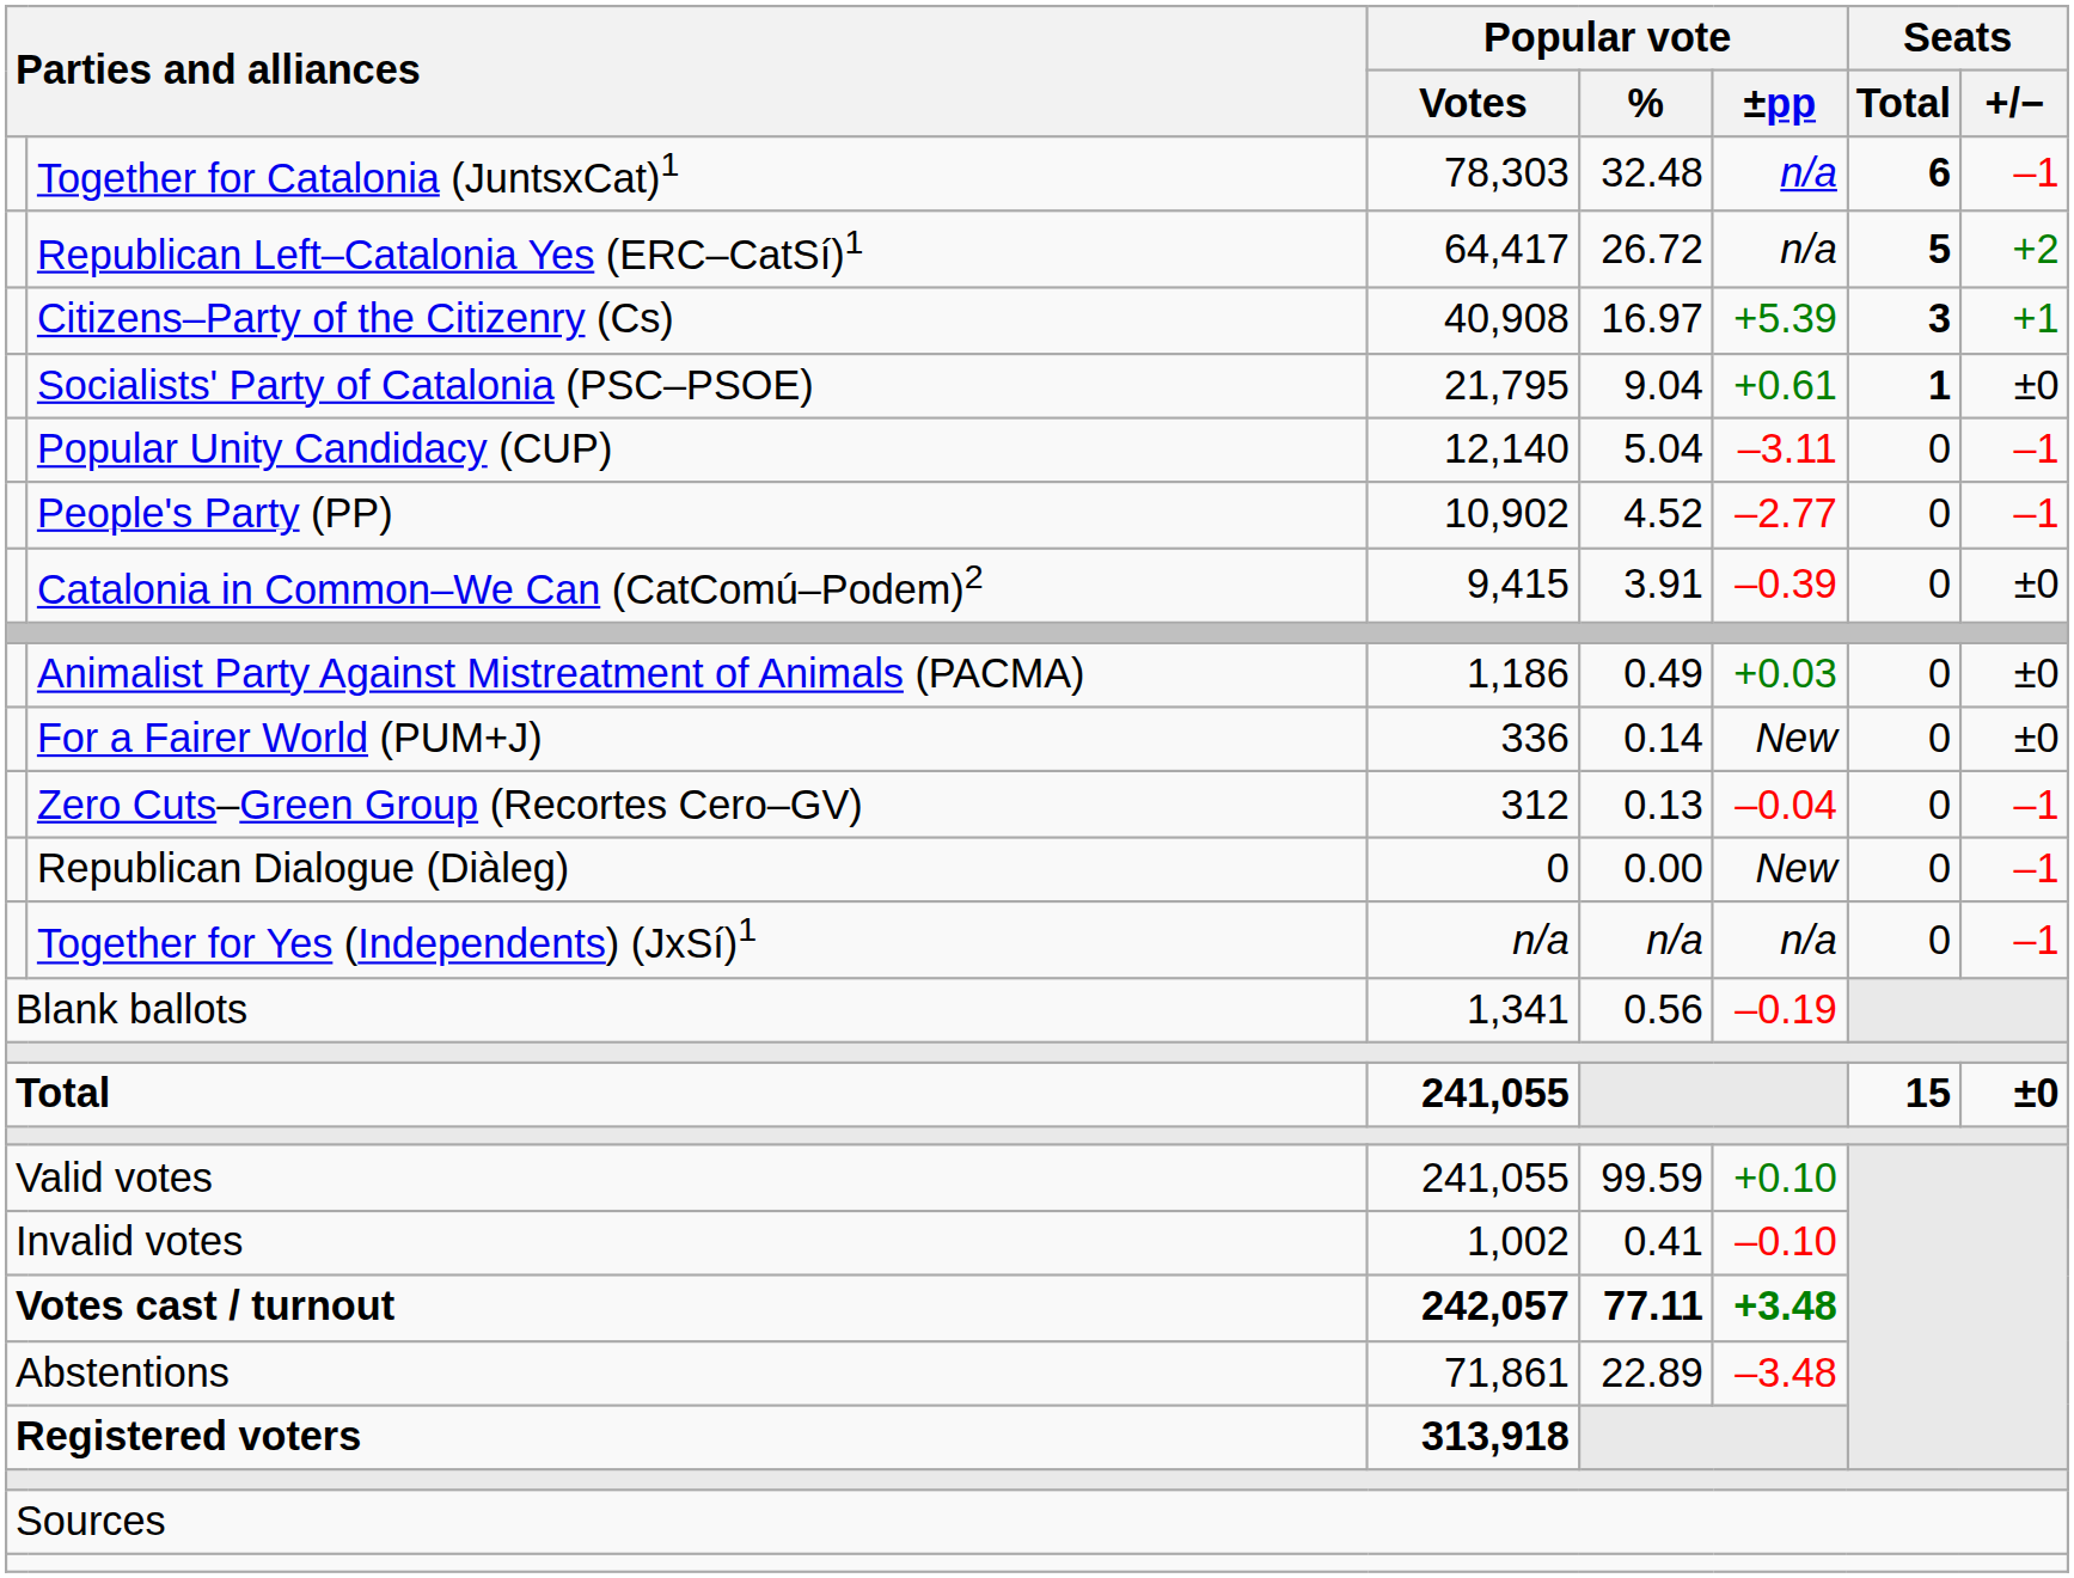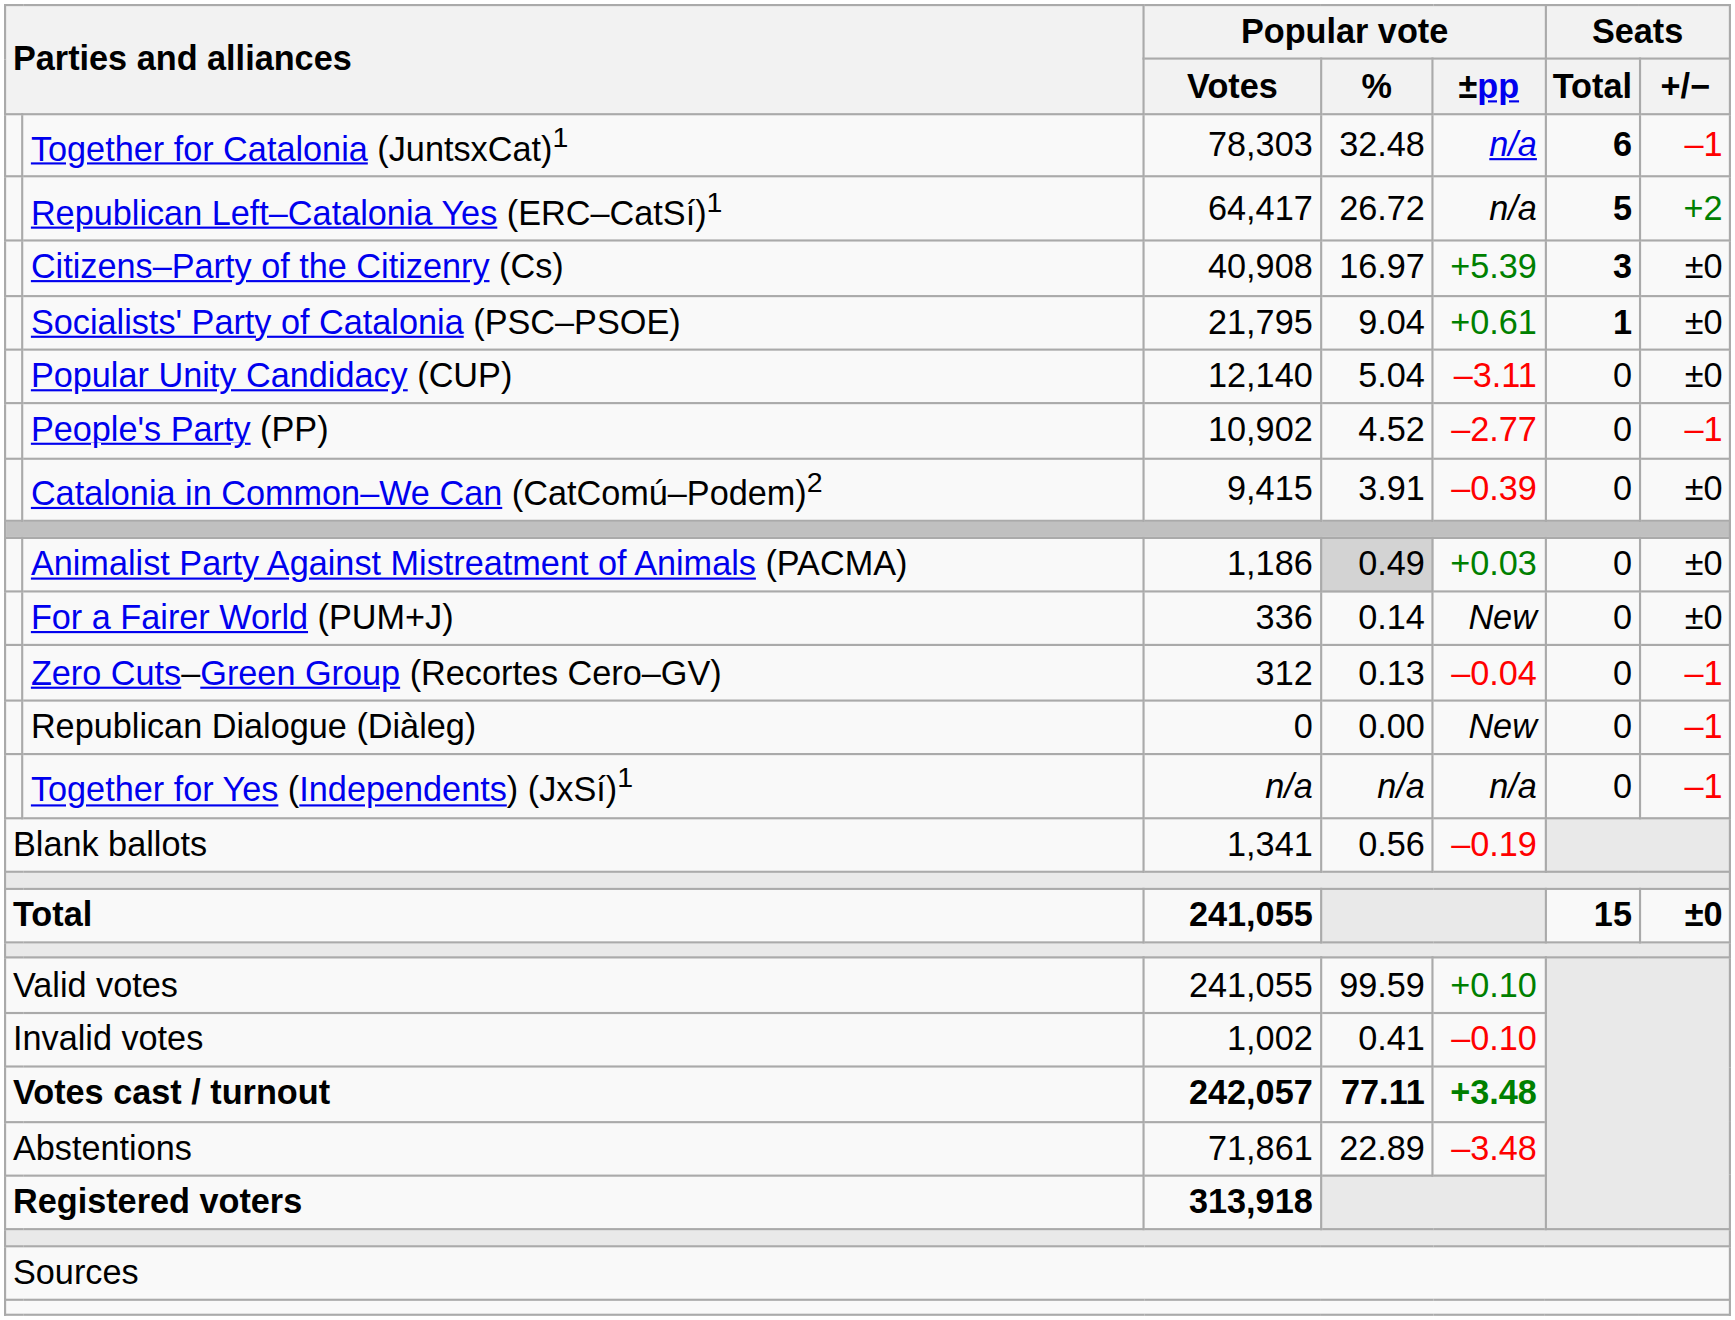 <table class="wikitable" style="text-align:right;">
 <tr>
 <th style="text-align:left;" rowspan="2" colspan="2" width="525">Parties and alliances</th>
 <th colspan="3">Popular vote</th>
 <th colspan="2">Seats</th>
 </tr>
 <tr>
 <th width="75">Votes</th>
 <th width="45">%</th>
 <th width="45">±<a href='#'>pp</a></th>
 <th width="35">Total</th>
 <th width="35">+/−</th>
 </tr>
 <tr>
 <td width="1" style="color:inherit;background:"></td>
 <td align="left"><a href='#'>Together for Catalonia</a> (JuntsxCat)<sup>1</sup></td>
 <td>78,303</td>
 <td>32.48</td>
 <td><em><a href='#'>n/a</a></em></td>
 <td><strong>6</strong></td>
 <td style="color:red;">–1</td>
 </tr>
 <tr>
 <td style="color:inherit;background:"></td>
 <td align="left"><a href='#'>Republican Left–Catalonia Yes</a> (ERC–CatSí)<sup>1</sup></td>
 <td>64,417</td>
 <td>26.72</td>
 <td><em>n/a</em></td>
 <td><strong>5</strong></td>
 <td style="color:green;">+2</td>
 </tr>
 <tr>
 <td style="color:inherit;background:"></td>
 <td align="left"><a href='#'>Citizens–Party of the Citizenry</a> (Cs)</td>
 <td>40,908</td>
 <td>16.97</td>
 <td style="color:green;">+5.39</td>
 <td><strong>3</strong></td>
-<td style="color:green;">+1</td>
+<td>±0</td>
 </tr>
 <tr>
 <td style="color:inherit;background:"></td>
 <td align="left"><a href='#'>Socialists' Party of Catalonia</a> (PSC–PSOE)</td>
 <td>21,795</td>
 <td>9.04</td>
 <td style="color:green;">+0.61</td>
 <td><strong>1</strong></td>
 <td>±0</td>
 </tr>
 <tr>
 <td style="color:inherit;background:"></td>
 <td align="left"><a href='#'>Popular Unity Candidacy</a> (CUP)</td>
 <td>12,140</td>
 <td>5.04</td>
 <td style="color:red;">–3.11</td>
 <td>0</td>
-<td style="color:red;">–1</td>
+<td>±0</td>
 </tr>
 <tr>
 <td style="color:inherit;background:"></td>
 <td align="left"><a href='#'>People's Party</a> (PP)</td>
 <td>10,902</td>
 <td>4.52</td>
 <td style="color:red;">–2.77</td>
 <td>0</td>
 <td style="color:red;">–1</td>
 </tr>
 <tr>
 <td style="color:inherit;background:"></td>
 <td align="left"><a href='#'>Catalonia in Common–We Can</a> (CatComú–Podem)<sup>2</sup></td>
 <td>9,415</td>
 <td>3.91</td>
 <td style="color:red;">–0.39</td>
 <td>0</td>
 <td>±0</td>
 </tr>
 <tr>
 <td colspan="7" bgcolor="#C0C0C0"></td>
 </tr>
 <tr>
 <td style="color:inherit;background:"></td>
 <td align="left"><a href='#'>Animalist Party Against Mistreatment of Animals</a> (PACMA)</td>
 <td>1,186</td>
-<td>0.49</td>
+<td style="background: lightgrey;">0.49</td>
 <td style="color:green;">+0.03</td>
 <td>0</td>
 <td>±0</td>
 </tr>
 <tr>
 <td style="color:inherit;background:"></td>
 <td align="left"><a href='#'>For a Fairer World</a> (PUM+J)</td>
 <td>336</td>
 <td>0.14</td>
 <td><em>New</em></td>
 <td>0</td>
 <td>±0</td>
 </tr>
 <tr>
 <td style="color:inherit;background:"></td>
 <td align="left"><a href='#'>Zero Cuts</a>–<a href='#'>Green Group</a> (Recortes Cero–GV)</td>
 <td>312</td>
 <td>0.13</td>
 <td style="color:red;">–0.04</td>
 <td>0</td>
 <td style="color:red;">–1</td>
 </tr>
 <tr>
 <td style="color:inherit;background:"></td>
 <td align="left">Republican Dialogue (Diàleg)</td>
 <td>0</td>
 <td>0.00</td>
 <td><em>New</em></td>
 <td>0</td>
 <td style="color:red;">–1</td>
 </tr>
 <tr>
 <td style="color:inherit;background:"></td>
 <td align="left"><a href='#'>Together for Yes</a> (<a href='#'>Independents</a>) (JxSí)<sup>1</sup></td>
 <td><em>n/a</em></td>
 <td><em>n/a</em></td>
 <td><em>n/a</em></td>
 <td>0</td>
 <td style="color:red;">–1</td>
 </tr>
 <tr>
 <td align="left" colspan="2">Blank ballots</td>
 <td>1,341</td>
 <td>0.56</td>
 <td style="color:red;">–0.19</td>
 <td bgcolor="#E9E9E9" colspan="2"></td>
 </tr>
 <tr>
 <td colspan="7" bgcolor="#E9E9E9"></td>
 </tr>
 <tr style="font-weight:bold;">
 <td align="left" colspan="2">Total</td>
 <td>241,055</td>
 <td bgcolor="#E9E9E9" colspan="2"></td>
 <td>15</td>
 <td>±0</td>
 </tr>
 <tr>
 <td colspan="7" bgcolor="#E9E9E9"></td>
 </tr>
 <tr>
 <td align="left" colspan="2">Valid votes</td>
 <td>241,055</td>
 <td>99.59</td>
 <td style="color:green;">+0.10</td>
 <td bgcolor="#E9E9E9" colspan="2" rowspan="5"></td>
 </tr>
 <tr>
 <td align="left" colspan="2">Invalid votes</td>
 <td>1,002</td>
 <td>0.41</td>
 <td style="color:red;">–0.10</td>
 </tr>
 <tr style="font-weight:bold;">
 <td align="left" colspan="2">Votes cast / turnout</td>
 <td>242,057</td>
 <td>77.11</td>
 <td style="color:green;">+3.48</td>
 </tr>
 <tr>
 <td align="left" colspan="2">Abstentions</td>
 <td>71,861</td>
 <td>22.89</td>
 <td style="color:red;">–3.48</td>
 </tr>
 <tr style="font-weight:bold;">
 <td align="left" colspan="2">Registered voters</td>
 <td>313,918</td>
 <td bgcolor="#E9E9E9" colspan="2"></td>
 </tr>
 <tr>
 <td colspan="7" bgcolor="#E9E9E9"></td>
 </tr>
 <tr>
 <td align="left" colspan="7">Sources</td>
 </tr>
 <tr>
 <td colspan="7" style="text-align:left; max-width:790px;"></td>
 </tr>
 </table>
